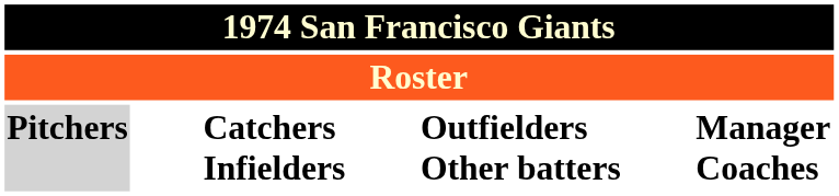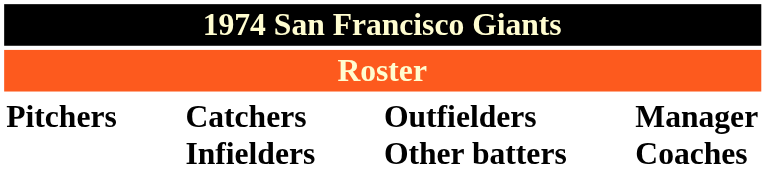 <table class="toccolours" style="font-size: 95%;">
 <tr>
 <th colspan="10" style="background-color: black; color: #FFFDD0; text-align: center;">1974 San Francisco Giants</th>
 </tr>
 <tr>
 <td colspan="10" style="background-color: #fd5a1e; color: #FFFDD0; text-align: center;"><strong>Roster</strong></td>
 </tr>
 <tr>
-<td valign="top" style="background: lightgrey;"><strong>Pitchers</strong><br>                </td>
+<td valign="top"><strong>Pitchers</strong><br>                </td>
 <td width="25px"></td>
 <td valign="top"><strong>Catchers</strong><br>   <strong>Infielders</strong>         </td>
 <td width="25px"></td>
 <td valign="top"><strong>Outfielders</strong><br>     <strong>Other batters</strong> </td>
 <td width="25px"></td>
 <td valign="top"><strong>Manager</strong><br>  <strong>Coaches</strong>    </td>
 </tr>
 <tr>
 </tr>
 </table>
